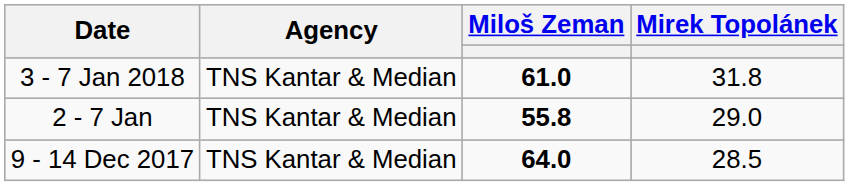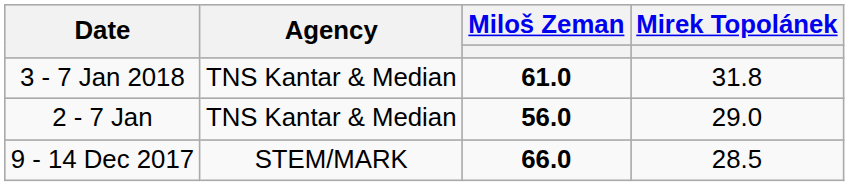 <table class="wikitable collapsible collapsed" style=text-align:center>
 <tr>
 <th rowspan="2">Date</th>
 <th rowspan="2">Agency</th>
 <th><a href='#'>Miloš Zeman</a></th>
 <th><a href='#'>Mirek Topolánek</a></th>
 </tr>
 <tr>
 <th style="background:"></th>
 <th style="background:"></th>
 </tr>
 <tr>
 <td>3 - 7 Jan 2018</td>
 <td>TNS Kantar & Median</td>
 <td><strong>61.0</strong></td>
 <td>31.8</td>
 </tr>
 <tr>
 <td>2 - 7 Jan</td>
 <td>TNS Kantar & Median</td>
-<td><strong>55.8</strong></td>
+<td><strong>56.0</strong></td>
 <td>29.0</td>
 </tr>
 <tr>
 <td>9 - 14 Dec 2017</td>
-<td>TNS Kantar & Median</td>
-<td><strong>64.0</strong></td>
+<td>STEM/MARK</td>
+<td><strong>66.0</strong></td>
 <td>28.5</td>
 </tr>
 </table>
